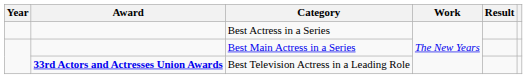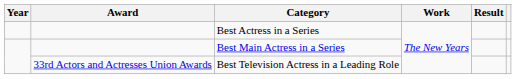 <table class="wikitable sortable plainrowheaders">
 <tr>
 <th>Year</th>
 <th>Award</th>
 <th>Category</th>
 <th>Work</th>
 <th>Result</th>
 <th scope="col" class="unsortable"></th>
 </tr>
 <tr>
 <td></td>
 <td></td>
 <td>Best Actress in a Series</td>
 <td rowspan = "3"><em><a href='#'>The New Years</a></em></td>
 <td></td>
 <td></td>
 </tr>
 <tr>
 <td rowspan = "2"></td>
 <td></td>
 <td><a href='#'>Best Main Actress in a Series</a></td>
 <td></td>
 <td></td>
 </tr>
 <tr>
-<td><strong><a href='#'>33rd Actors and Actresses Union Awards</a></strong></td>
+<td><a href='#'>33rd Actors and Actresses Union Awards</a></td>
 <td>Best Television Actress in a Leading Role</td>
 <td></td>
 <td></td>
 </tr>
 </table>
